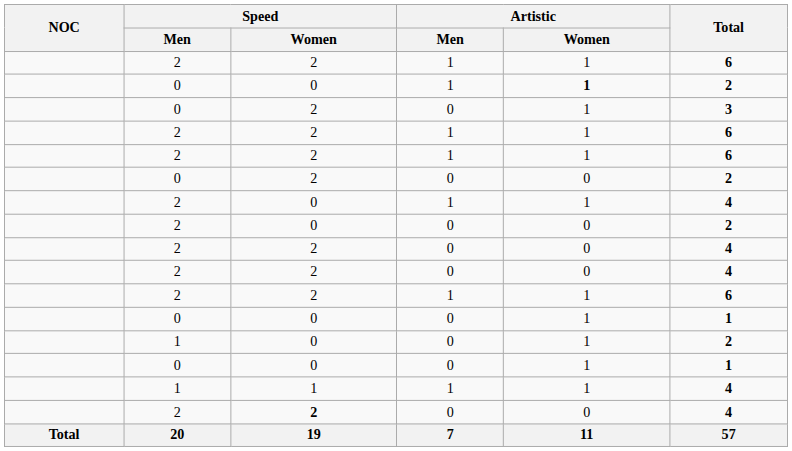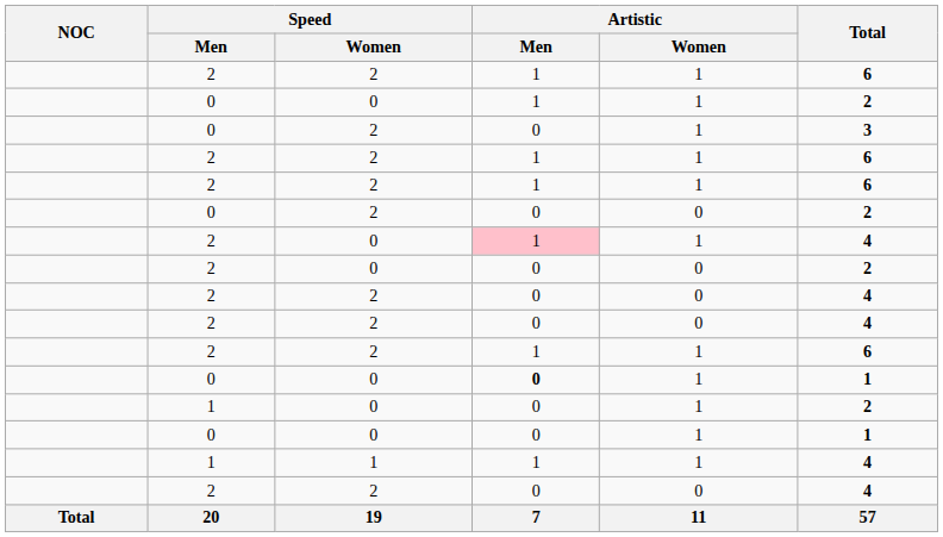 <table class="wikitable" width=800 style="text-align:center; font-size:90%">
 <tr>
 <th rowspan="2" align="left">NOC</th>
 <th colspan="2">Speed</th>
 <th colspan="2">Artistic</th>
 <th rowspan="2">Total</th>
 </tr>
 <tr>
 <th>Men</th>
 <th>Women</th>
 <th>Men</th>
 <th>Women</th>
 </tr>
 <tr>
 <td align="left"></td>
 <td>2</td>
 <td>2</td>
 <td>1</td>
 <td>1</td>
 <td><strong>6</strong></td>
 </tr>
 <tr>
 <td align="left"></td>
 <td>0</td>
 <td>0</td>
 <td>1</td>
-<td><strong>1</strong></td>
+<td>1</td>
 <td><strong>2</strong></td>
 </tr>
 <tr>
 <td align="left"></td>
 <td>0</td>
 <td>2</td>
 <td>0</td>
 <td>1</td>
 <td><strong>3</strong></td>
 </tr>
 <tr>
 <td align="left"></td>
 <td>2</td>
 <td>2</td>
 <td>1</td>
 <td>1</td>
 <td><strong>6</strong></td>
 </tr>
 <tr>
 <td align="left"></td>
 <td>2</td>
 <td>2</td>
 <td>1</td>
 <td>1</td>
 <td><strong>6</strong></td>
 </tr>
 <tr>
 <td align="left"></td>
 <td>0</td>
 <td>2</td>
 <td>0</td>
 <td>0</td>
 <td><strong>2</strong></td>
 </tr>
 <tr>
 <td align="left"></td>
 <td>2</td>
 <td>0</td>
-<td>1</td>
+<td style="background: pink;">1</td>
 <td>1</td>
 <td><strong>4</strong></td>
 </tr>
 <tr>
 <td align="left"></td>
 <td>2</td>
 <td>0</td>
 <td>0</td>
 <td>0</td>
 <td><strong>2</strong></td>
 </tr>
 <tr>
 <td align="left"></td>
 <td>2</td>
 <td>2</td>
 <td>0</td>
 <td>0</td>
 <td><strong>4</strong></td>
 </tr>
 <tr>
 <td align="left"></td>
 <td>2</td>
 <td>2</td>
 <td>0</td>
 <td>0</td>
 <td><strong>4</strong></td>
 </tr>
 <tr>
 <td align="left"></td>
 <td>2</td>
 <td>2</td>
 <td>1</td>
 <td>1</td>
 <td><strong>6</strong></td>
 </tr>
 <tr>
 <td align="left"></td>
 <td>0</td>
 <td>0</td>
-<td>0</td>
+<td><strong>0</strong></td>
 <td>1</td>
 <td><strong>1</strong></td>
 </tr>
 <tr>
 <td align="left"></td>
 <td>1</td>
 <td>0</td>
 <td>0</td>
 <td>1</td>
 <td><strong>2</strong></td>
 </tr>
 <tr>
 <td align="left"></td>
 <td>0</td>
 <td>0</td>
 <td>0</td>
 <td>1</td>
 <td><strong>1</strong></td>
 </tr>
 <tr>
 <td align="left"></td>
 <td>1</td>
 <td>1</td>
 <td>1</td>
 <td>1</td>
 <td><strong>4</strong></td>
 </tr>
 <tr>
 <td align="left"></td>
 <td>2</td>
-<td><strong>2</strong></td>
+<td>2</td>
 <td>0</td>
 <td>0</td>
 <td><strong>4</strong></td>
 </tr>
 <tr>
 <th>Total</th>
 <th>20</th>
 <th>19</th>
 <th>7</th>
 <th>11</th>
 <th>57</th>
 </tr>
 </table>
